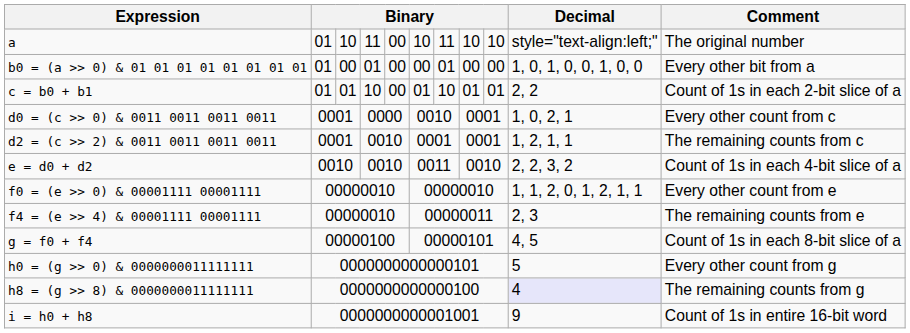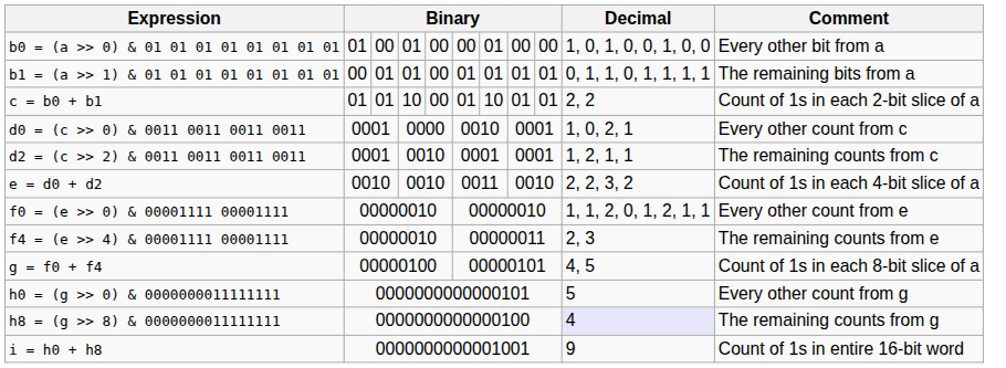 <table class="wikitable" style="text-align:center;">
 <tr>
 <th>Expression</th>
 <th colspan=8>Binary</th>
 <th>Decimal</th>
 <th>Comment</th>
-</tr>
-<tr>
-<td style="text-align:left;"><code>a</code></td>
-<td>01</td>
-<td>10</td>
-<td>11</td>
-<td>00</td>
-<td>10</td>
-<td>11</td>
-<td>10</td>
-<td>10</td>
-<td>style="text-align:left;"   </td>
-<td style="text-align:left;">The original number</td>
 </tr>
 <tr>
 <td style="text-align:left;"><code>b0 = (a >> 0) & 01 01 01 01 01 01 01 01</code></td>
 <td>01</td>
 <td>00</td>
 <td>01</td>
 <td>00</td>
 <td>00</td>
 <td>01</td>
 <td>00</td>
 <td>00</td>
 <td style="text-align:left;">1, 0, 1, 0, 0, 1, 0, 0</td>
 <td style="text-align:left;">Every other bit from a</td>
+</tr>
+<tr>
+<td style="text-align:left;"><code>b1 = (a >> 1) & 01 01 01 01 01 01 01 01</code></td>
+<td>00</td>
+<td>01</td>
+<td>01</td>
+<td>00</td>
+<td>01</td>
+<td>01</td>
+<td>01</td>
+<td>01</td>
+<td style="text-align:left;">0, 1, 1, 0, 1, 1, 1, 1</td>
+<td style="text-align:left;">The remaining bits from a</td>
 </tr>
 <tr>
 <td style="text-align:left;"><code>c = b0 + b1</code></td>
 <td>01</td>
 <td>01</td>
 <td>10</td>
 <td>00</td>
 <td>01</td>
 <td>10</td>
 <td>01</td>
 <td>01</td>
 <td style="text-align:left;">2, 2</td>
 <td style="text-align:left;">Count of 1s in each 2-bit slice of a</td>
 </tr>
 <tr>
 <td style="text-align:left;"><code>d0 = (c >> 0) & 0011 0011 0011 0011</code></td>
 <td colspan=2>0001</td>
 <td colspan=2>0000</td>
 <td colspan=2>0010</td>
 <td colspan=2>0001</td>
 <td style="text-align:left;">1, 0, 2, 1</td>
 <td style="text-align:left;">Every other count from c</td>
 </tr>
 <tr>
 <td style="text-align:left;"><code>d2 = (c >> 2) & 0011 0011 0011 0011</code></td>
 <td colspan=2>0001</td>
 <td colspan=2>0010</td>
 <td colspan=2>0001</td>
 <td colspan=2>0001</td>
 <td style="text-align:left;">1, 2, 1, 1</td>
 <td style="text-align:left;">The remaining counts from c</td>
 </tr>
 <tr>
 <td style="text-align:left;"><code>e = d0 + d2</code></td>
 <td colspan=2>0010</td>
 <td colspan=2>0010</td>
 <td colspan=2>0011</td>
 <td colspan=2>0010</td>
 <td style="text-align:left;">2, 2, 3, 2</td>
 <td style="text-align:left;">Count of 1s in each 4-bit slice of a</td>
 </tr>
 <tr>
 <td style="text-align:left;"><code>f0 = (e >> 0) & 00001111  00001111</code></td>
 <td colspan=4>00000010</td>
 <td colspan=4>00000010</td>
 <td style="text-align:left;">1, 1, 2, 0, 1, 2, 1, 1</td>
 <td style="text-align:left;">Every other count from e</td>
 </tr>
 <tr>
 <td style="text-align:left;"><code>f4 = (e >> 4) & 00001111 00001111</code></td>
 <td colspan=4>00000010</td>
 <td colspan=4>00000011</td>
 <td style="text-align:left;">2, 3</td>
 <td style="text-align:left;">The remaining counts from e</td>
 </tr>
 <tr>
 <td style="text-align:left;"><code>g = f0 + f4</code></td>
 <td colspan=4>00000100</td>
 <td colspan=4>00000101</td>
 <td style="text-align:left;">4, 5</td>
 <td style="text-align:left;">Count of 1s in each 8-bit slice of a</td>
 </tr>
 <tr>
 <td style="text-align:left;"><code>h0 = (g >> 0) & 0000000011111111</code></td>
 <td colspan=8>0000000000000101</td>
 <td style="text-align:left;">5</td>
 <td style="text-align:left;">Every other count from g</td>
 </tr>
 <tr>
 <td style="text-align:left;"><code>h8 = (g >> 8) & 0000000011111111</code></td>
 <td colspan=8>0000000000000100</td>
 <td style="background: lavender; text-align:left;">4</td>
 <td style="text-align:left;">The remaining counts from g</td>
 </tr>
 <tr>
 <td style="text-align:left;"><code>i = h0 + h8</code></td>
 <td colspan=8>0000000000001001</td>
 <td style="text-align:left;">9</td>
 <td style="text-align:left;">Count of 1s in entire 16-bit word</td>
 </tr>
 </table>
